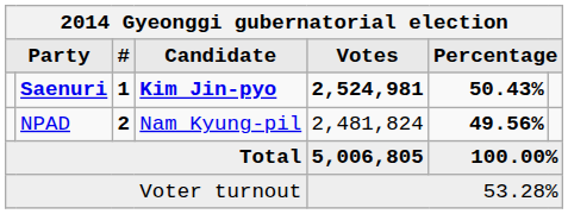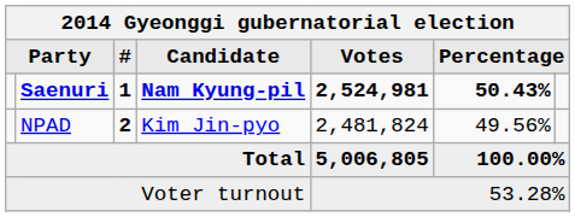 <table class="wikitable">
 <tr>
 <th colspan="7">2014 Gyeonggi gubernatorial election</th>
 </tr>
 <tr>
 <th style="background-color:#E9E9E9" colspan=2>Party</th>
 <th style="background-color:#E9E9E9">#</th>
 <th style="background-color:#E9E9E9">Candidate</th>
 <th style="background-color:#E9E9E9">Votes</th>
 <th style="background-color:#E9E9E9" colspan=2>Percentage</th>
 </tr>
 <tr style="font-weight:bold">
 <td></td>
 <td align=left><a href='#'>Saenuri</a></td>
 <td align=center>1</td>
-<td align=left><a href='#'>Kim Jin-pyo</a></td>
+<td align=left><a href='#'>Nam Kyung-pil</a></td>
 <td align=right>2,524,981</td>
 <td align=right>50.43%</td>
 <td align=right></td>
 </tr>
 <tr>
 <td></td>
 <td align=left><a href='#'>NPAD</a></td>
 <td align=center><strong>2</strong></td>
-<td align=left><a href='#'>Nam Kyung-pil</a></td>
+<td align=left><a href='#'>Kim Jin-pyo</a></td>
 <td align=right>2,481,824</td>
-<td align=right><strong>49.56%</strong></td>
+<td align=right>49.56%</td>
 <td align=right></td>
 </tr>
 <tr bgcolor="#EEEEEE" style="font-weight:bold">
 <td colspan="4" align=right>Total</td>
 <td align=right>5,006,805</td>
 <td align=right colspan=2>100.00%</td>
 </tr>
 <tr bgcolor="#EEEEEE">
 <td colspan="4" align="right">Voter turnout</td>
 <td colspan="3" align="right">53.28%</td>
 </tr>
 </table>
